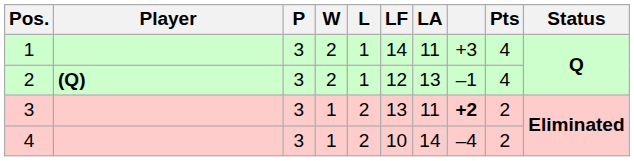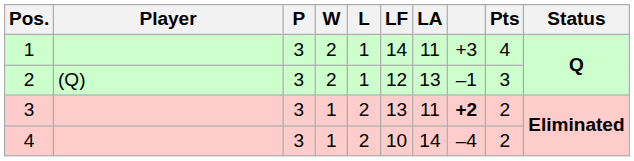 <table class="wikitable" style="text-align:center; margin: 1em auto 1em auto, align:left">
 <tr>
 <th width=20>Pos.</th>
 <th width=185>Player</th>
 <th width=20>P</th>
 <th width=20>W</th>
 <th width=20>L</th>
 <th width=20>LF</th>
 <th width=20>LA</th>
 <th width=25></th>
 <th width=20>Pts</th>
 <th width=70>Status</th>
 </tr>
 <tr style="background:#CCFFCC;">
 <td>1</td>
 <td style="text-align:left"></td>
 <td>3</td>
 <td>2</td>
 <td>1</td>
 <td>14</td>
 <td>11</td>
 <td>+3</td>
 <td>4</td>
 <td rowspan=2><strong>Q</strong></td>
 </tr>
 <tr style="background:#CCFFCC;">
 <td>2</td>
-<td style="text-align:left"><strong> (Q)</strong></td>
+<td style="text-align:left"> (Q)</td>
 <td>3</td>
 <td>2</td>
 <td>1</td>
 <td>12</td>
 <td>13</td>
 <td>–1</td>
-<td>4</td>
+<td>3</td>
 </tr>
 <tr style="background:#FFCCCC;">
 <td>3</td>
 <td style="text-align:left"></td>
 <td>3</td>
 <td>1</td>
 <td>2</td>
 <td>13</td>
 <td>11</td>
 <td><strong>+2</strong></td>
 <td>2</td>
 <td rowspan=2><strong>Eliminated</strong></td>
 </tr>
 <tr style="background:#FFCCCC;">
 <td>4</td>
 <td style="text-align:left"></td>
 <td>3</td>
 <td>1</td>
 <td>2</td>
 <td>10</td>
 <td>14</td>
 <td>–4</td>
 <td>2</td>
 </tr>
 </table>
